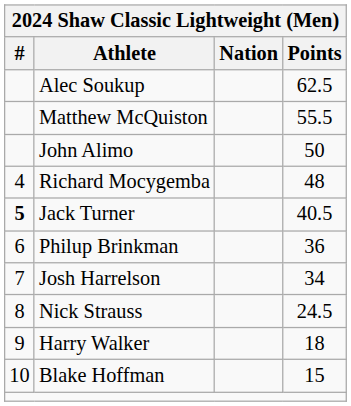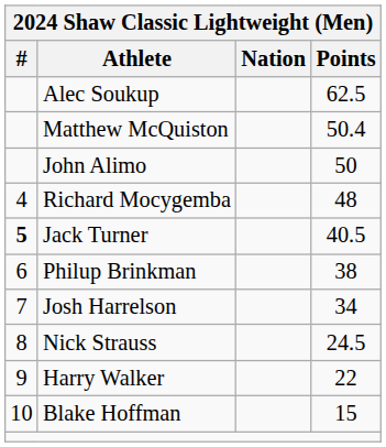 <table class="wikitable" style="display: inline-table;text-align:center;">
 <tr>
 <th colspan="4">2024 Shaw Classic Lightweight (Men)</th>
 </tr>
 <tr>
 <th scope="col" style="width: 10px;">#</th>
 <th scope="col">Athlete</th>
 <th scope="col">Nation</th>
 <th scope="col">Points</th>
 </tr>
 <tr>
 <td></td>
 <td align=left>Alec Soukup</td>
 <td align=left></td>
 <td>62.5</td>
 </tr>
 <tr>
 <td></td>
 <td align=left>Matthew McQuiston</td>
 <td align=left></td>
-<td>55.5</td>
+<td>50.4</td>
 </tr>
 <tr>
 <td></td>
 <td align=left>John Alimo</td>
 <td align=left></td>
 <td>50</td>
 </tr>
 <tr>
 <td>4</td>
 <td align=left>Richard Mocygemba</td>
 <td align=left></td>
 <td>48</td>
 </tr>
 <tr>
 <td><strong>5</strong></td>
 <td align=left>Jack Turner</td>
 <td align=left></td>
 <td>40.5</td>
 </tr>
 <tr>
 <td>6</td>
 <td align=left>Philup Brinkman</td>
 <td align=left></td>
-<td>36</td>
+<td>38</td>
 </tr>
 <tr>
 <td>7</td>
 <td align=left>Josh Harrelson</td>
 <td align=left></td>
 <td>34</td>
 </tr>
 <tr>
 <td>8</td>
 <td align=left>Nick Strauss</td>
 <td align=left></td>
 <td>24.5</td>
 </tr>
 <tr>
 <td>9</td>
 <td align=left>Harry Walker</td>
 <td align=left></td>
-<td>18</td>
+<td>22</td>
 </tr>
 <tr>
 <td>10</td>
 <td align=left>Blake Hoffman</td>
 <td align=left></td>
 <td>15</td>
 </tr>
 <tr class="sortbottom">
 <td colspan="4"></td>
 </tr>
 </table>
